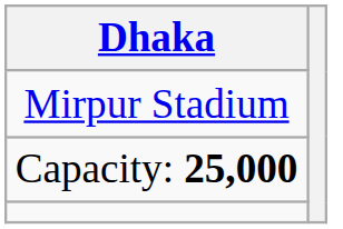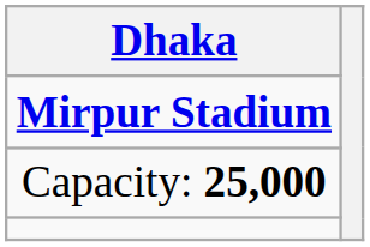 <table class="wikitable" style="text-align:center">
 <tr>
 <th><a href='#'>Dhaka</a></th>
 <th rowspan="4"></th>
 </tr>
 <tr>
-<td><a href='#'>Mirpur Stadium</a></td>
+<td><strong><a href='#'>Mirpur Stadium</a></strong></td>
 </tr>
 <tr>
 <td>Capacity: <strong>25,000</strong></td>
 </tr>
 <tr>
 <td></td>
 </tr>
 </table>
